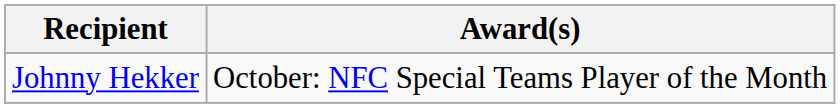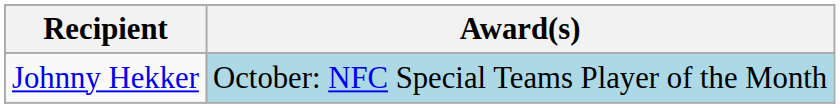 <table class="wikitable">
 <tr>
 <th>Recipient</th>
 <th>Award(s)</th>
 </tr>
 <tr>
 <td><a href='#'>Johnny Hekker</a></td>
-<td>October: <a href='#'>NFC</a> Special Teams Player of the Month</td>
+<td style="background: lightblue;">October: <a href='#'>NFC</a> Special Teams Player of the Month</td>
 </tr>
 </table>
